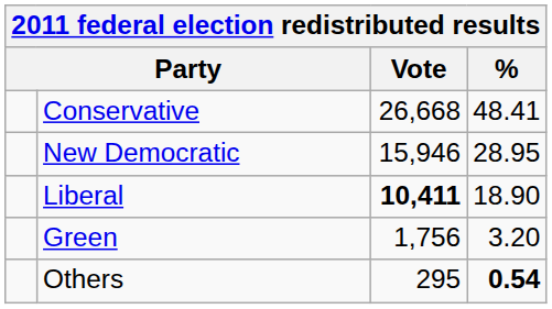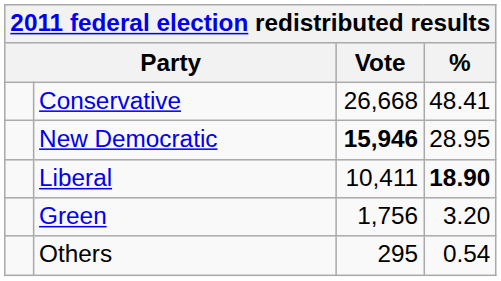 <table class="wikitable">
 <tr>
 <th colspan="4"><a href='#'>2011 federal election</a> redistributed results</th>
 </tr>
 <tr>
 <th bgcolor="#DDDDFF" width="130px" colspan="2">Party</th>
 <th bgcolor="#DDDDFF" width="50px">Vote</th>
 <th bgcolor="#DDDDFF" width="30px">%</th>
 </tr>
 <tr>
 <td> </td>
 <td><a href='#'>Conservative</a></td>
 <td align=right>26,668</td>
 <td align=right>48.41</td>
 </tr>
 <tr>
 <td> </td>
 <td><a href='#'>New Democratic</a></td>
-<td align=right>15,946</td>
+<td align=right><strong>15,946</strong></td>
 <td align=right>28.95</td>
 </tr>
 <tr>
 <td> </td>
 <td><a href='#'>Liberal</a></td>
-<td align=right><strong>10,411</strong></td>
-<td align=right>18.90</td>
+<td align=right>10,411</td>
+<td align=right><strong>18.90</strong></td>
 </tr>
 <tr>
 <td> </td>
 <td><a href='#'>Green</a></td>
 <td align=right>1,756</td>
 <td align=right>3.20</td>
 </tr>
 <tr>
 <td> </td>
 <td>Others</td>
 <td align=right>295</td>
-<td align=right><strong>0.54</strong></td>
+<td align=right>0.54</td>
 </tr>
 </table>
